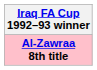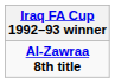 <table class="wikitable" style="text-align: center; margin: 0 auto;">
 <tr>
 <th><a href='#'>Iraq FA Cup</a><br>1992–93 winner</th>
 </tr>
 <tr>
-<td style="background: pink;"><strong><a href='#'>Al-Zawraa</a></strong><br><strong>8th title</strong></td>
+<td><strong><a href='#'>Al-Zawraa</a></strong><br><strong>8th title</strong></td>
 </tr>
 </table>
